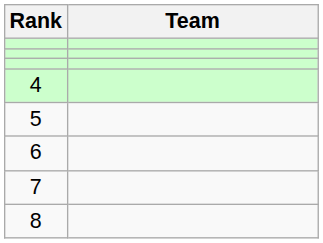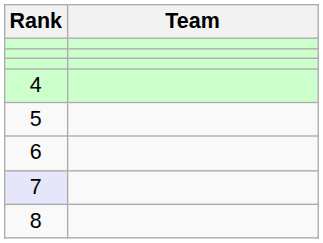 <table class=wikitable style="text-align:center;">
 <tr>
 <th>Rank</th>
 <th width=180>Team</th>
 </tr>
 <tr bgcolor=#CCFFCC>
 <td></td>
 <td align=left></td>
 </tr>
 <tr bgcolor=#CCFFCC>
 <td></td>
 <td align=left></td>
 </tr>
 <tr bgcolor=#CCFFCC>
 <td></td>
 <td align=left></td>
 </tr>
 <tr bgcolor=#CCFFCC>
 <td>4</td>
 <td align=left></td>
 </tr>
 <tr>
 <td>5</td>
 <td align=left></td>
 </tr>
 <tr>
 <td>6</td>
 <td align=left></td>
 </tr>
 <tr>
-<td>7</td>
+<td style="background: lavender;">7</td>
 <td align=left></td>
 </tr>
 <tr>
 <td>8</td>
 <td align=left></td>
 </tr>
 </table>
